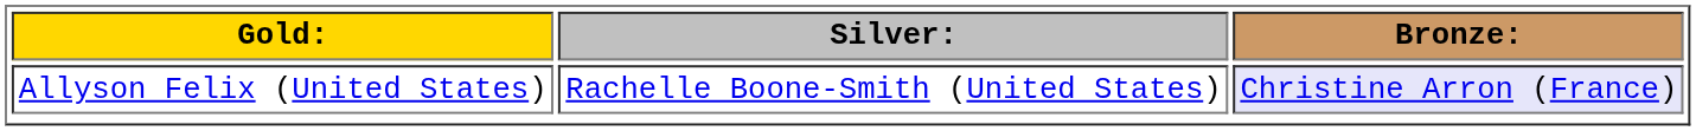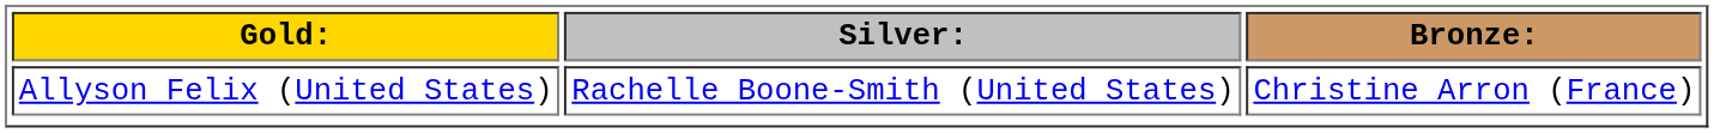 <table border="1" Cellpadding="2">
 <tr>
 <td style="text-align:center;background-color:gold;"><strong>Gold:</strong></td>
 <td style="text-align:center;background-color:silver;"><strong>Silver:</strong></td>
 <td style="text-align:center;background-color:#CC9966;"><strong>Bronze:</strong></td>
 </tr>
 <tr>
 <td> <a href='#'>Allyson Felix</a> (<a href='#'>United States</a>)</td>
 <td> <a href='#'>Rachelle Boone-Smith</a> (<a href='#'>United States</a>)</td>
-<td style="background: lavender;"> <a href='#'>Christine Arron</a> (<a href='#'>France</a>)</td>
+<td> <a href='#'>Christine Arron</a> (<a href='#'>France</a>)</td>
 </tr>
 <tr>
 </tr>
 </table>
